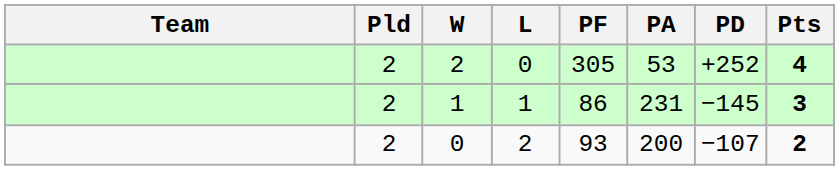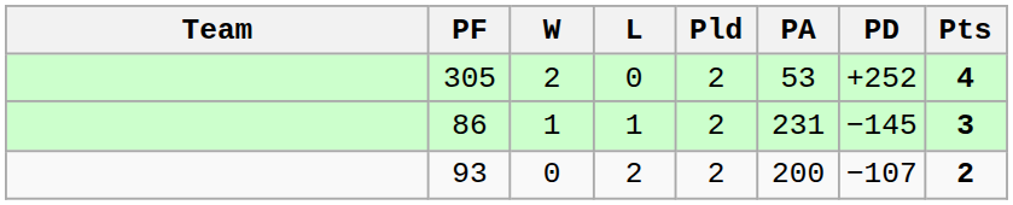 <table class=wikitable style="text-align:center">
 <tr>
 <th width=180>Team</th>
-<th width=30>Pld</th>
+<th width=30>PF</th>
 <th width=30>W</th>
 <th width=30>L</th>
-<th width=30>PF</th>
+<th width=30>Pld</th>
 <th width=30>PA</th>
 <th width=30>PD</th>
 <th width=30>Pts</th>
 </tr>
 <tr bgcolor="#ccffcc">
 <td align="left"></td>
-<td>2</td>
+<td>305</td>
 <td>2</td>
 <td>0</td>
-<td>305</td>
+<td>2</td>
 <td>53</td>
 <td>+252</td>
 <td><strong>4</strong></td>
 </tr>
 <tr bgcolor="#ccffcc">
 <td align="left"></td>
-<td>2</td>
+<td>86</td>
 <td>1</td>
 <td>1</td>
-<td>86</td>
+<td>2</td>
 <td>231</td>
 <td>−145</td>
 <td><strong>3</strong></td>
 </tr>
 <tr>
 <td align="left"></td>
-<td>2</td>
+<td>93</td>
 <td>0</td>
 <td>2</td>
-<td>93</td>
+<td>2</td>
 <td>200</td>
 <td>−107</td>
 <td><strong>2</strong></td>
 </tr>
 </table>
